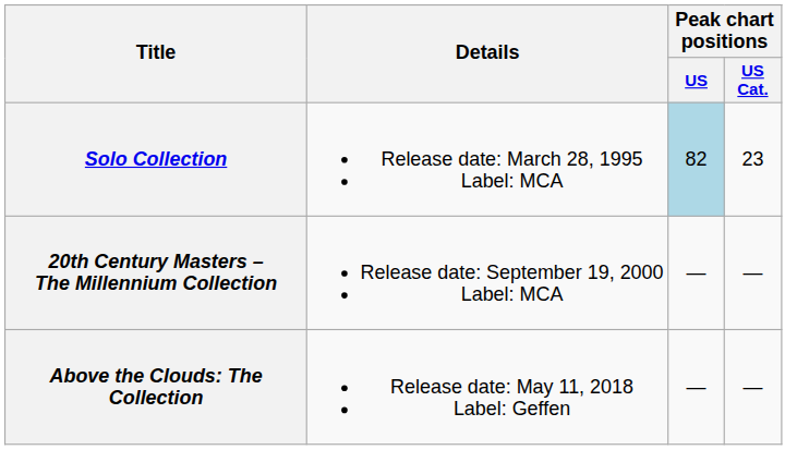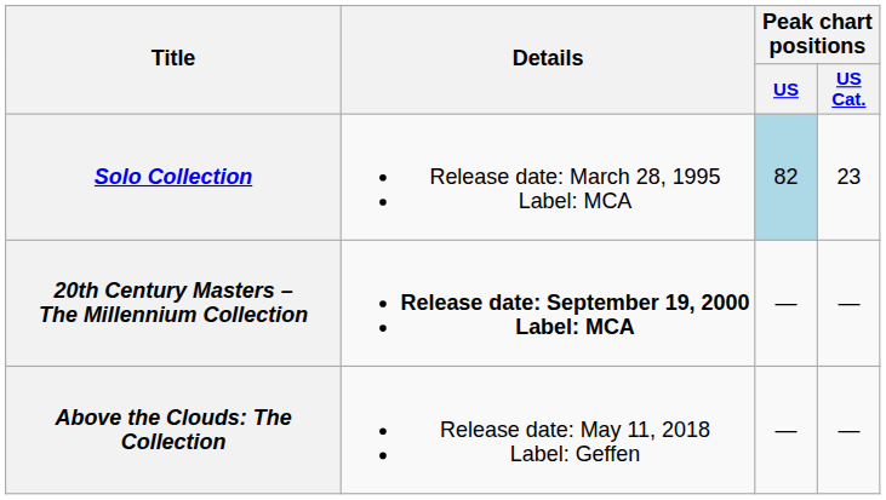 <table class="wikitable plainrowheaders" style="text-align:center;">
 <tr>
 <th rowspan="2" style="width:15em;">Title</th>
 <th rowspan="2">Details</th>
 <th colspan="5">Peak chart positions</th>
 </tr>
 <tr style="font-size:smaller;">
 <th style="width:40px;"><a href='#'>US</a><br></th>
 <th style="width:40px;"><a href='#'>US<br>Cat.</a><br></th>
 </tr>
 <tr>
 <th scope="row"><em><a href='#'>Solo Collection</a></em></th>
 <td><br><ul><li>Release date: March 28, 1995</li><li>Label: MCA</li></ul></td>
 <td style="background: lightblue;">82</td>
 <td>23</td>
 </tr>
 <tr>
 <th scope="row"><em>20th Century Masters –<br> The Millennium Collection</em></th>
-<td><br><ul><li>Release date: September 19, 2000</li><li>Label: MCA</li></ul></td>
+<td><strong><br><ul><li>Release date: September 19, 2000</li><li>Label: MCA</li></ul></strong></td>
 <td>—</td>
 <td>—</td>
 </tr>
 <tr>
 <th scope="row"><em>Above the Clouds: The Collection</em></th>
 <td><br><ul><li>Release date: May 11, 2018</li><li>Label: Geffen</li></ul></td>
 <td>—</td>
 <td>—</td>
 </tr>
 </table>
